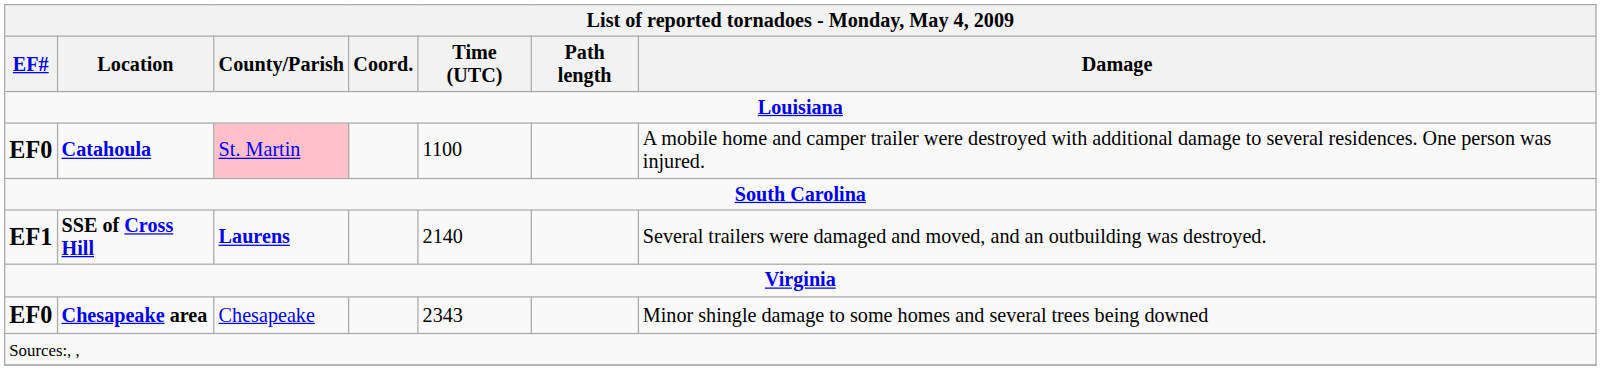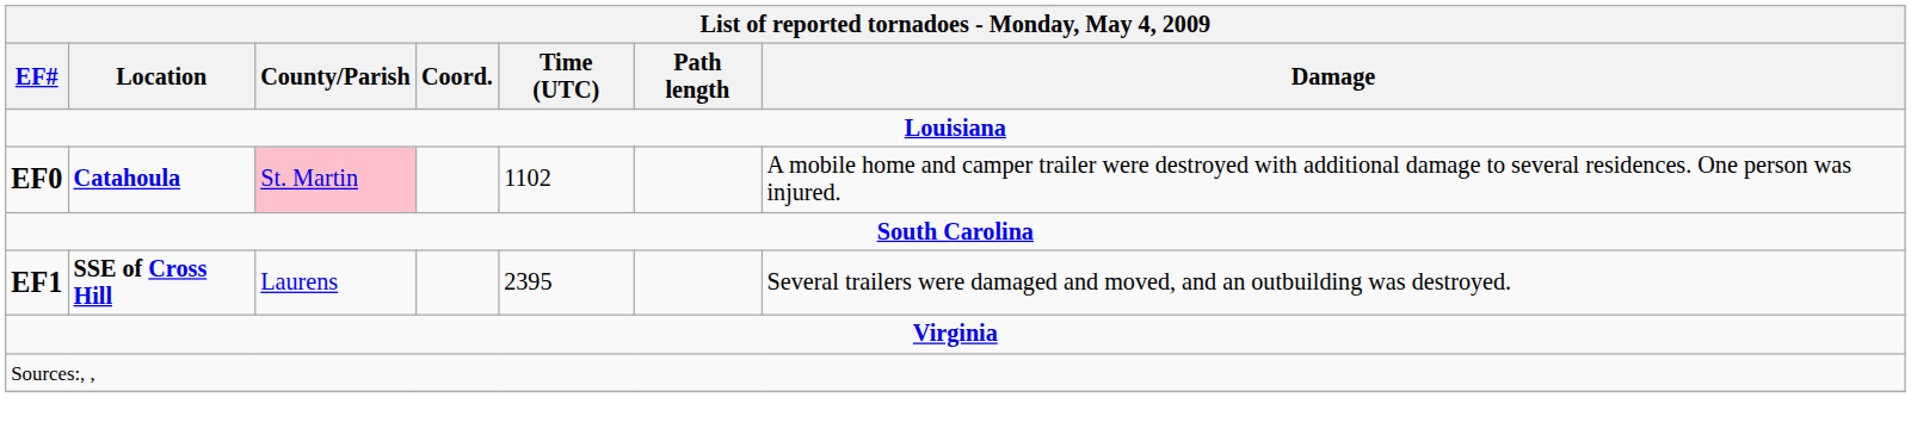 <table class="wikitable collapsible" width="100%">
 <tr>
 <th colspan="7">List of reported tornadoes - Monday, May 4, 2009</th>
 </tr>
 <tr>
 <th><a href='#'>EF#</a></th>
 <th>Location</th>
 <th>County/Parish</th>
 <th>Coord.</th>
 <th>Time (UTC)</th>
 <th>Path length</th>
 <th>Damage</th>
 </tr>
 <tr>
 <td colspan="7" align=center><strong><a href='#'>Louisiana</a></strong></td>
 </tr>
 <tr>
 <td><big><strong>EF0</strong></big></td>
 <td><strong><a href='#'>Catahoula</a> </strong></td>
 <td style="background: pink;"><a href='#'>St. Martin</a></td>
 <td></td>
-<td>1100</td>
+<td>1102</td>
 <td></td>
 <td>A mobile home and camper trailer were destroyed with additional damage to several residences. One person was injured.</td>
 </tr>
 <tr>
 <td colspan="7" align=center><strong><a href='#'>South Carolina</a></strong></td>
 </tr>
 <tr>
 <td><big><strong>EF1</strong></big></td>
 <td><strong>SSE of <a href='#'>Cross Hill</a> </strong></td>
-<td><strong><a href='#'>Laurens</a></strong></td>
+<td><a href='#'>Laurens</a></td>
 <td></td>
-<td>2140</td>
+<td>2395</td>
 <td></td>
 <td>Several trailers were damaged and moved, and an outbuilding was destroyed.</td>
 </tr>
 <tr>
 <td colspan="7" align=center><strong><a href='#'>Virginia</a></strong></td>
 </tr>
 <tr>
-<td><big><strong>EF0</strong></big></td>
-<td><strong><a href='#'>Chesapeake</a> area</strong></td>
-<td><a href='#'>Chesapeake</a></td>
-<td></td>
-<td>2343</td>
-<td></td>
-<td>Minor shingle damage to some homes and several trees being downed</td>
-</tr>
-<tr>
 <td colspan="7"><small>Sources:, , </small></td>
 </tr>
 <tr>
 </tr>
 </table>
